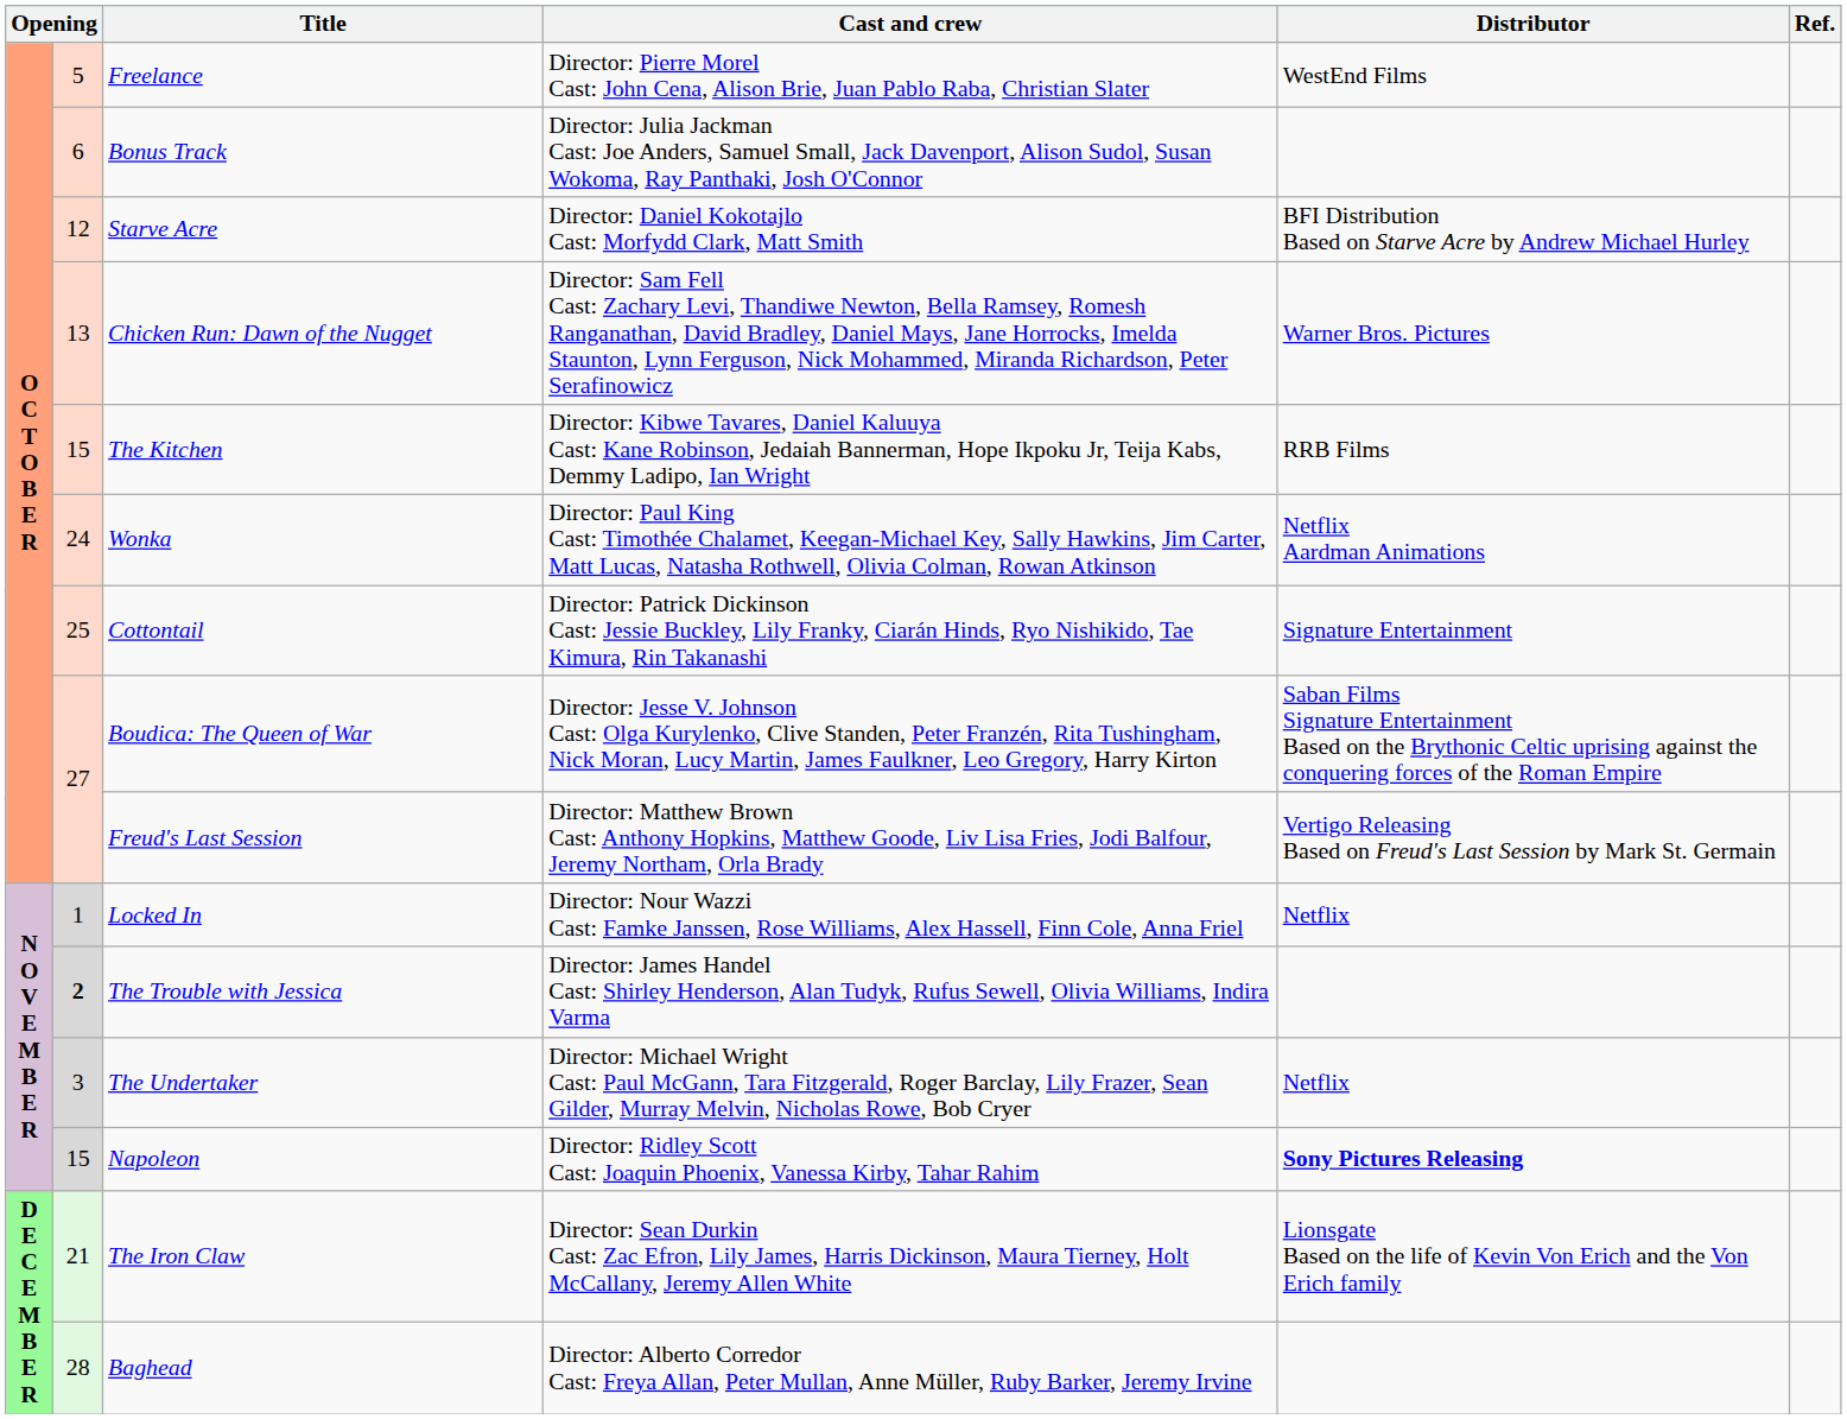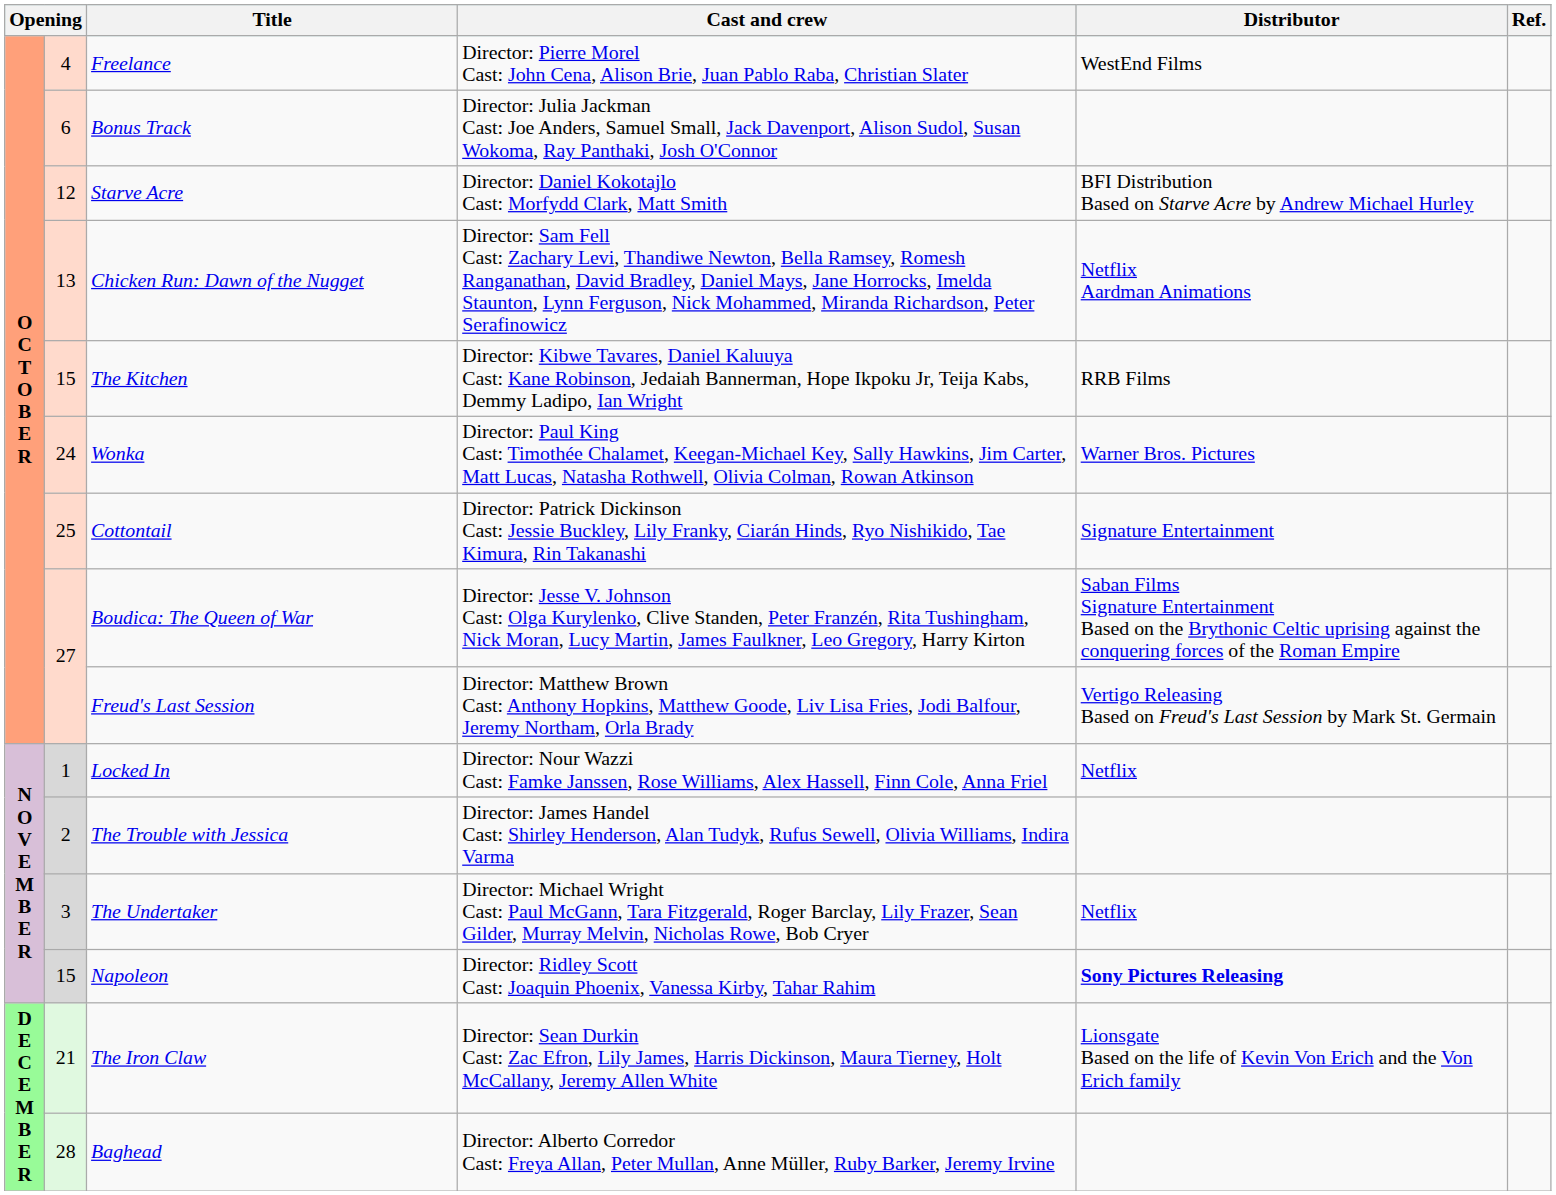 <table class="wikitable">
 <tr style="background:#b0e0e6; text-align:center;">
 <th colspan="2">Opening</th>
 <th style="width:24%;">Title</th>
 <th style="width:40%;">Cast and crew</th>
 <th>Distributor</th>
 <th style="width:2%;">Ref.</th>
 </tr>
 <tr>
 <th rowspan="9" style="text-align:center; background:#ffa07a; textcolor:#000;">O<br>C<br>T<br>O<br>B<br>E<br>R<br></th>
-<td rowspan="1" style="text-align:center; background:#ffdacc;">5</td>
+<td rowspan="1" style="text-align:center; background:#ffdacc;">4</td>
 <td><em><a href='#'>Freelance</a></em></td>
 <td>Director: <a href='#'>Pierre Morel</a> <br> Cast: <a href='#'>John Cena</a>, <a href='#'>Alison Brie</a>, <a href='#'>Juan Pablo Raba</a>, <a href='#'>Christian Slater</a></td>
 <td>WestEnd Films</td>
 <td></td>
 </tr>
 <tr>
 <td rowspan="1" style="text-align:center; background:#ffdacc;">6</td>
 <td><em><a href='#'>Bonus Track</a></em></td>
 <td>Director: Julia Jackman <br> Cast: Joe Anders, Samuel Small, <a href='#'>Jack Davenport</a>, <a href='#'>Alison Sudol</a>, <a href='#'>Susan Wokoma</a>, <a href='#'>Ray Panthaki</a>, <a href='#'>Josh O'Connor</a></td>
 <td></td>
 <td></td>
 </tr>
 <tr>
 <td rowspan="1" style="text-align:center; background:#ffdacc;">12</td>
 <td><em><a href='#'>Starve Acre</a></em></td>
 <td>Director: <a href='#'>Daniel Kokotajlo</a> <br> Cast: <a href='#'>Morfydd Clark</a>, <a href='#'>Matt Smith</a></td>
 <td>BFI Distribution <br> Based on <em>Starve Acre</em> by <a href='#'>Andrew Michael Hurley</a></td>
 <td></td>
 </tr>
 <tr>
 <td rowspan="1" style="text-align:center; background:#ffdacc;">13</td>
 <td><em><a href='#'>Chicken Run: Dawn of the Nugget</a></em></td>
 <td>Director: <a href='#'>Sam Fell</a> <br> Cast: <a href='#'>Zachary Levi</a>, <a href='#'>Thandiwe Newton</a>, <a href='#'>Bella Ramsey</a>, <a href='#'>Romesh Ranganathan</a>, <a href='#'>David Bradley</a>, <a href='#'>Daniel Mays</a>, <a href='#'>Jane Horrocks</a>, <a href='#'>Imelda Staunton</a>, <a href='#'>Lynn Ferguson</a>, <a href='#'>Nick Mohammed</a>, <a href='#'>Miranda Richardson</a>, <a href='#'>Peter Serafinowicz</a></td>
-<td><a href='#'>Warner Bros. Pictures</a></td>
+<td><a href='#'>Netflix</a><br><a href='#'>Aardman Animations</a></td>
 <td style="text-align:center"></td>
 </tr>
 <tr>
 <td rowspan="1" style="text-align:center; background:#ffdacc;">15</td>
 <td><em><a href='#'>The Kitchen</a></em></td>
 <td>Director: <a href='#'>Kibwe Tavares</a>, <a href='#'>Daniel Kaluuya</a> <br> Cast: <a href='#'>Kane Robinson</a>, Jedaiah Bannerman, Hope Ikpoku Jr, Teija Kabs, Demmy Ladipo, <a href='#'>Ian Wright</a></td>
 <td>RRB Films</td>
 <td></td>
 </tr>
 <tr>
 <td rowspan="1" style="text-align:center; background:#ffdacc;">24</td>
 <td><em><a href='#'>Wonka</a></em></td>
 <td>Director: <a href='#'>Paul King</a> <br> Cast: <a href='#'>Timothée Chalamet</a>, <a href='#'>Keegan-Michael Key</a>, <a href='#'>Sally Hawkins</a>, <a href='#'>Jim Carter</a>, <a href='#'>Matt Lucas</a>, <a href='#'>Natasha Rothwell</a>, <a href='#'>Olivia Colman</a>, <a href='#'>Rowan Atkinson</a></td>
-<td><a href='#'>Netflix</a><br><a href='#'>Aardman Animations</a></td>
+<td><a href='#'>Warner Bros. Pictures</a></td>
 <td style="text-align:center"></td>
 </tr>
 <tr>
 <td rowspan="1" style="text-align:center; background:#ffdacc;">25</td>
 <td><em><a href='#'>Cottontail</a></em></td>
 <td>Director: Patrick Dickinson <br> Cast: <a href='#'>Jessie Buckley</a>, <a href='#'>Lily Franky</a>, <a href='#'>Ciarán Hinds</a>, <a href='#'>Ryo Nishikido</a>, <a href='#'>Tae Kimura</a>, <a href='#'>Rin Takanashi</a></td>
 <td><a href='#'>Signature Entertainment</a></td>
 <td style="text-align:center"></td>
 </tr>
 <tr>
 <td rowspan="2" style="text-align:center; background:#ffdacc;">27</td>
 <td><em><a href='#'>Boudica: The Queen of War</a></em></td>
 <td>Director: <a href='#'>Jesse V. Johnson</a> <br> Cast: <a href='#'>Olga Kurylenko</a>, Clive Standen, <a href='#'>Peter Franzén</a>, <a href='#'>Rita Tushingham</a>, <a href='#'>Nick Moran</a>, <a href='#'>Lucy Martin</a>, <a href='#'>James Faulkner</a>, <a href='#'>Leo Gregory</a>, Harry Kirton</td>
 <td><a href='#'>Saban Films</a> <br> <a href='#'>Signature Entertainment</a> <br> Based on the <a href='#'>Brythonic Celtic uprising</a> against the <a href='#'>conquering forces</a> of the <a href='#'>Roman Empire</a></td>
 <td style="text-align:center"></td>
 </tr>
 <tr>
 <td><em><a href='#'>Freud's Last Session</a></em></td>
 <td>Director: Matthew Brown <br> Cast: <a href='#'>Anthony Hopkins</a>, <a href='#'>Matthew Goode</a>, <a href='#'>Liv Lisa Fries</a>, <a href='#'>Jodi Balfour</a>, <a href='#'>Jeremy Northam</a>, <a href='#'>Orla Brady</a></td>
 <td><a href='#'>Vertigo Releasing</a> <br> Based on <em>Freud's Last Session</em> by Mark St. Germain</td>
 <td style="text-align:center"></td>
 </tr>
 <tr>
 <th rowspan="4" style="text-align:center; background:thistle; textcolor:#000;">N<br>O<br>V<br>E<br>M<br>B<br>E<br>R</th>
 <td rowspan="1" style="text-align:center; background:#d8d8d8;">1</td>
 <td><em><a href='#'>Locked In</a></em></td>
 <td>Director: Nour Wazzi <br> Cast: <a href='#'>Famke Janssen</a>, <a href='#'>Rose Williams</a>, <a href='#'>Alex Hassell</a>, <a href='#'>Finn Cole</a>, <a href='#'>Anna Friel</a></td>
 <td><a href='#'>Netflix</a></td>
 <td></td>
 </tr>
 <tr>
-<td rowspan="1" style="text-align:center; background:#d8d8d8;"><strong>2</strong></td>
+<td rowspan="1" style="text-align:center; background:#d8d8d8;">2</td>
 <td><em><a href='#'>The Trouble with Jessica</a></em></td>
 <td>Director: James Handel <br> Cast: <a href='#'>Shirley Henderson</a>, <a href='#'>Alan Tudyk</a>, <a href='#'>Rufus Sewell</a>, <a href='#'>Olivia Williams</a>, <a href='#'>Indira Varma</a></td>
 <td></td>
 <td></td>
 </tr>
 <tr>
 <td rowspan="1" style="text-align:center; background:#d8d8d8;">3</td>
 <td><em><a href='#'>The Undertaker</a></em></td>
 <td>Director: Michael Wright <br> Cast: <a href='#'>Paul McGann</a>, <a href='#'>Tara Fitzgerald</a>, Roger Barclay, <a href='#'>Lily Frazer</a>, <a href='#'>Sean Gilder</a>, <a href='#'>Murray Melvin</a>, <a href='#'>Nicholas Rowe</a>, Bob Cryer</td>
 <td><a href='#'>Netflix</a></td>
 <td style="text-align:center"></td>
 </tr>
 <tr>
 <td rowspan="1" style="text-align:center; background:#d8d8d8;">15</td>
 <td><em><a href='#'>Napoleon</a></em></td>
 <td>Director: <a href='#'>Ridley Scott</a> <br> Cast: <a href='#'>Joaquin Phoenix</a>, <a href='#'>Vanessa Kirby</a>, <a href='#'>Tahar Rahim</a></td>
 <td><strong><a href='#'>Sony Pictures Releasing</a></strong></td>
 <td style="text-align:center"></td>
 </tr>
 <tr>
 <th rowspan="2" style="text-align:center; background:#98fb98; textcolor:#000;">D<br>E<br>C<br>E<br>M<br>B<br>E<br>R</th>
 <td rowspan="1" style="text-align:center; background:#e0f9e0;">21</td>
 <td><em><a href='#'>The Iron Claw</a></em></td>
 <td>Director: <a href='#'>Sean Durkin</a> <br> Cast: <a href='#'>Zac Efron</a>, <a href='#'>Lily James</a>, <a href='#'>Harris Dickinson</a>, <a href='#'>Maura Tierney</a>, <a href='#'>Holt McCallany</a>, <a href='#'>Jeremy Allen White</a></td>
 <td><a href='#'>Lionsgate</a> <br> Based on the life of <a href='#'>Kevin Von Erich</a> and the <a href='#'>Von Erich family</a></td>
 <td style="text-align:center"></td>
 </tr>
 <tr>
 <td rowspan="1" style="text-align:center; background:#e0f9e0;">28</td>
 <td><em><a href='#'>Baghead</a></em></td>
 <td>Director: Alberto Corredor <br> Cast: <a href='#'>Freya Allan</a>, <a href='#'>Peter Mullan</a>, Anne Müller, <a href='#'>Ruby Barker</a>, <a href='#'>Jeremy Irvine</a></td>
 <td></td>
 <td></td>
 </tr>
 <tr>
 </tr>
 </table>
